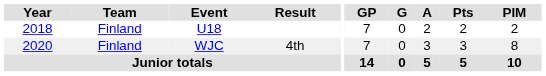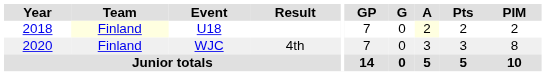 <table border="0" cellpadding="1" cellspacing="0" ID="Table3" style="text-align:center; width:40em">
 <tr bgcolor="#e0e0e0">
 <th>Year</th>
 <th>Team</th>
 <th>Event</th>
 <th>Result</th>
 <th rowspan="99" bgcolor="#ffffff"></th>
 <th>GP</th>
 <th>G</th>
 <th>A</th>
 <th>Pts</th>
 <th>PIM</th>
 </tr>
 <tr>
 <td><a href='#'>2018</a></td>
-<td><a href='#'>Finland</a></td>
+<td style="background: lightyellow;"><a href='#'>Finland</a></td>
 <td><a href='#'>U18</a></td>
 <td></td>
 <td>7</td>
 <td>0</td>
-<td>2</td>
+<td style="background: lightyellow;">2</td>
 <td>2</td>
 <td>2</td>
 </tr>
 <tr bgcolor="#f0f0f0">
 <td><a href='#'>2020</a></td>
 <td><a href='#'>Finland</a></td>
 <td><a href='#'>WJC</a></td>
 <td>4th</td>
 <td>7</td>
 <td>0</td>
 <td>3</td>
 <td>3</td>
 <td>8</td>
 </tr>
 <tr bgcolor="#e0e0e0">
 <th colspan="4">Junior totals</th>
 <th>14</th>
 <th>0</th>
 <th>5</th>
 <th>5</th>
 <th>10</th>
 </tr>
 </table>
